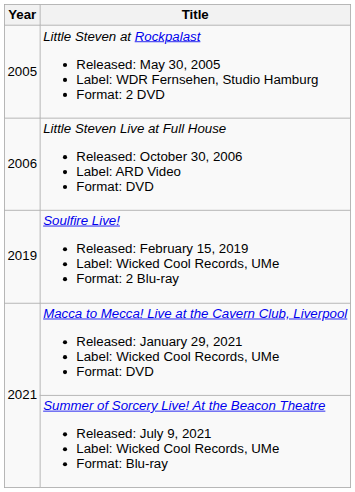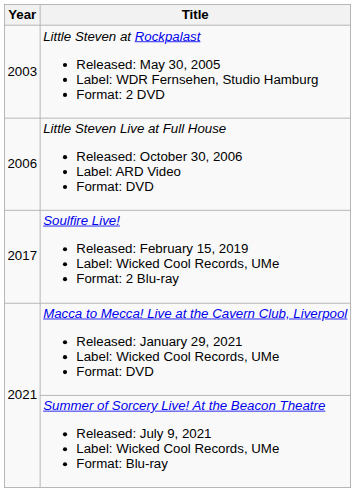 <table class="wikitable">
 <tr>
 <th>Year</th>
 <th>Title</th>
 </tr>
 <tr>
-<td>2005</td>
+<td>2003</td>
 <td><em>Little Steven at <a href='#'>Rockpalast</a></em><br><ul><li>Released: May 30, 2005</li><li>Label: WDR Fernsehen, Studio Hamburg</li><li>Format: 2 DVD</li></ul></td>
 </tr>
 <tr>
 <td>2006</td>
 <td><em>Little Steven Live at Full House</em><br><ul><li>Released: October 30, 2006</li><li>Label: ARD Video</li><li>Format: DVD</li></ul></td>
 </tr>
 <tr>
-<td>2019</td>
+<td>2017</td>
 <td><em><a href='#'>Soulfire Live!</a></em><br><ul><li>Released: February 15, 2019</li><li>Label: Wicked Cool Records, UMe</li><li>Format: 2 Blu-ray</li></ul></td>
 </tr>
 <tr>
 <td rowspan="2">2021</td>
 <td><em><a href='#'>Macca to Mecca! Live at the Cavern Club, Liverpool</a></em><br><ul><li>Released: January 29, 2021</li><li>Label: Wicked Cool Records, UMe</li><li>Format: DVD</li></ul></td>
 </tr>
 <tr>
 <td><em><a href='#'>Summer of Sorcery Live! At the Beacon Theatre</a></em><br><ul><li>Released: July 9, 2021</li><li>Label: Wicked Cool Records, UMe</li><li>Format: Blu-ray</li></ul></td>
 </tr>
 </table>
